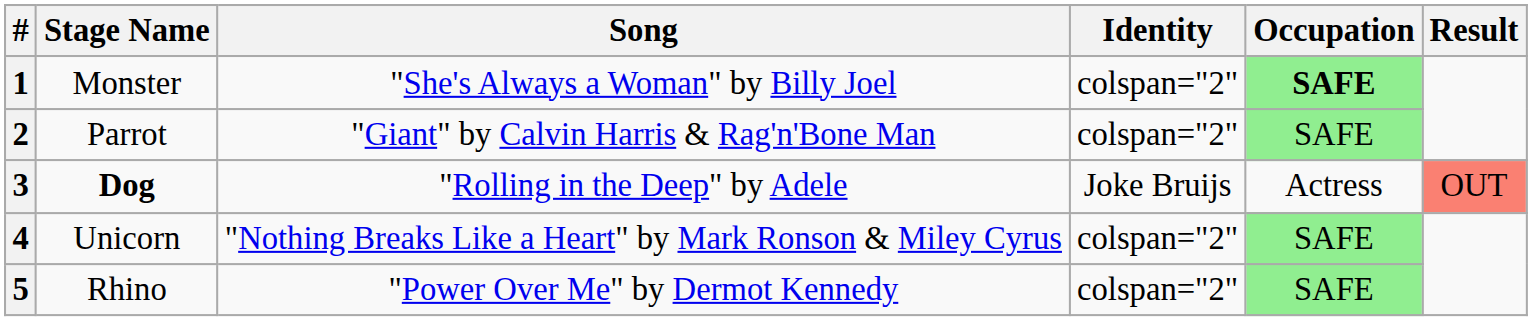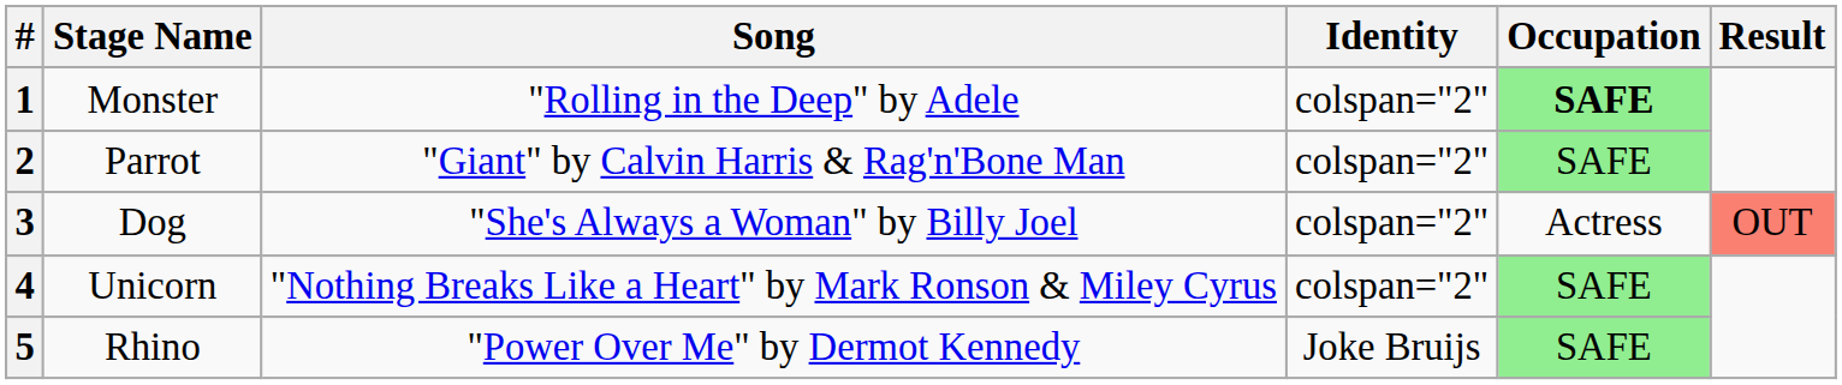 <table class="wikitable plainrowheaders" style="text-align: center;">
 <tr>
 <th>#</th>
 <th>Stage Name</th>
 <th>Song</th>
 <th>Identity</th>
 <th>Occupation</th>
 <th>Result</th>
 </tr>
 <tr>
 <th>1</th>
 <td>Monster</td>
-<td>"<a href='#'>She's Always a Woman</a>" by <a href='#'>Billy Joel</a></td>
+<td>"<a href='#'>Rolling in the Deep</a>" by <a href='#'>Adele</a></td>
 <td>colspan="2" </td>
 <td bgcolor="lightgreen"><strong>SAFE</strong></td>
 </tr>
 <tr>
 <th>2</th>
 <td>Parrot</td>
 <td>"<a href='#'>Giant</a>" by <a href='#'>Calvin Harris</a> & <a href='#'>Rag'n'Bone Man</a></td>
 <td>colspan="2" </td>
 <td bgcolor="lightgreen">SAFE</td>
 </tr>
 <tr>
 <th>3</th>
-<td><strong>Dog</strong></td>
-<td>"<a href='#'>Rolling in the Deep</a>" by <a href='#'>Adele</a></td>
-<td>Joke Bruijs</td>
+<td>Dog</td>
+<td>"<a href='#'>She's Always a Woman</a>" by <a href='#'>Billy Joel</a></td>
+<td>colspan="2" </td>
 <td>Actress</td>
 <td bgcolor="salmon">OUT</td>
 </tr>
 <tr>
 <th>4</th>
 <td>Unicorn</td>
 <td>"<a href='#'>Nothing Breaks Like a Heart</a>" by <a href='#'>Mark Ronson</a> & <a href='#'>Miley Cyrus</a></td>
 <td>colspan="2" </td>
 <td bgcolor="lightgreen">SAFE</td>
 </tr>
 <tr>
 <th>5</th>
 <td>Rhino</td>
 <td>"<a href='#'>Power Over Me</a>" by <a href='#'>Dermot Kennedy</a></td>
-<td>colspan="2" </td>
+<td>Joke Bruijs</td>
 <td bgcolor="lightgreen">SAFE</td>
 </tr>
 </table>
